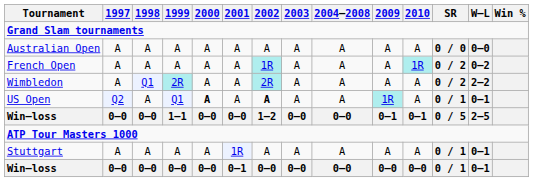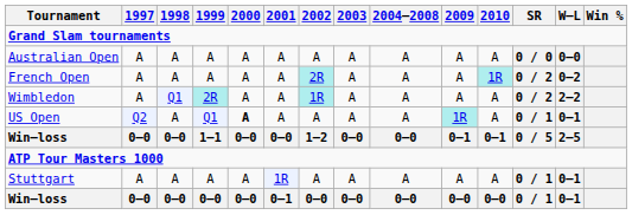 <table class=wikitable style=text-align:center;font-size:97%>
 <tr>
 <th>Tournament</th>
 <th><a href='#'>1997</a></th>
 <th><a href='#'>1998</a></th>
 <th><a href='#'>1999</a></th>
 <th><a href='#'>2000</a></th>
 <th><a href='#'>2001</a></th>
 <th><a href='#'>2002</a></th>
 <th><a href='#'>2003</a></th>
 <th><a href='#'>2004</a>–<a href='#'>2008</a></th>
 <th><a href='#'>2009</a></th>
 <th><a href='#'>2010</a></th>
 <th>SR</th>
 <th>W–L</th>
 <th>Win %</th>
 </tr>
 <tr>
 <td colspan=23 align=left><strong><a href='#'>Grand Slam tournaments</a></strong></td>
 </tr>
 <tr>
 <td align=left><a href='#'>Australian Open</a></td>
 <td>A</td>
 <td>A</td>
 <td>A</td>
 <td>A</td>
 <td>A</td>
 <td>A</td>
 <td>A</td>
 <td>A</td>
 <td>A</td>
 <td>A</td>
 <th>0 / 0</th>
 <th>0–0</th>
 <th></th>
 </tr>
 <tr>
 <td align=left><a href='#'>French Open</a></td>
 <td>A</td>
 <td>A</td>
 <td>A</td>
 <td>A</td>
 <td>A</td>
-<td bgcolor=afeeee><a href='#'>1R</a></td>
+<td bgcolor=afeeee><a href='#'>2R</a></td>
 <td>A</td>
 <td>A</td>
 <td>A</td>
 <td bgcolor=afeeee><a href='#'>1R</a></td>
 <th>0 / 2</th>
 <th>0–2</th>
 <th></th>
 </tr>
 <tr>
 <td align=left><a href='#'>Wimbledon</a></td>
 <td>A</td>
 <td bgcolor=ecf2ff><a href='#'>Q1</a></td>
 <td bgcolor=afeeee><a href='#'>2R</a></td>
 <td>A</td>
 <td>A</td>
-<td bgcolor=afeeee><a href='#'>2R</a></td>
+<td bgcolor=afeeee><a href='#'>1R</a></td>
 <td>A</td>
 <td>A</td>
 <td>A</td>
 <td>A</td>
 <th>0 / 2</th>
 <th>2–2</th>
 <th></th>
 </tr>
 <tr>
 <td align=left><a href='#'>US Open</a></td>
 <td bgcolor=ecf2ff><a href='#'>Q2</a></td>
 <td>A</td>
 <td bgcolor=ecf2ff><a href='#'>Q1</a></td>
 <td><strong>A</strong></td>
 <td>A</td>
-<td><strong>A</strong></td>
+<td>A</td>
 <td>A</td>
 <td>A</td>
 <td bgcolor=afeeee><a href='#'>1R</a></td>
 <td>A</td>
 <th>0 / 1</th>
 <th>0–1</th>
 <th></th>
 </tr>
 <tr>
 <th style=text-align:left>Win–loss</th>
 <th>0–0</th>
 <th>0–0</th>
 <th>1–1</th>
 <th>0–0</th>
 <th>0–0</th>
 <th>1–2</th>
 <th>0–0</th>
 <th>0–0</th>
 <th>0–1</th>
 <th>0–1</th>
 <th>0 / 5</th>
 <th>2–5</th>
 <th></th>
 </tr>
 <tr>
 <td colspan=25 style=text-align:left><strong><a href='#'>ATP Tour Masters 1000</a></strong></td>
 </tr>
 <tr>
 <td align=left><a href='#'>Stuttgart</a></td>
 <td>A</td>
 <td>A</td>
 <td>A</td>
 <td>A</td>
 <td bgcolor=ecf2ff><a href='#'>1R</a></td>
 <td>A</td>
 <td>A</td>
 <td>A</td>
 <td>A</td>
 <td>A</td>
 <th>0 / 1</th>
 <th>0–1</th>
 <th></th>
 </tr>
 <tr>
 <th style=text-align:left>Win–loss</th>
 <th>0–0</th>
 <th>0–0</th>
 <th>0–0</th>
 <th>0–0</th>
 <th>0–1</th>
 <th>0–0</th>
 <th>0–0</th>
 <th>0–0</th>
 <th>0–0</th>
 <th>0–0</th>
 <th>0 / 1</th>
 <th>0–1</th>
 <th></th>
 </tr>
 </table>
